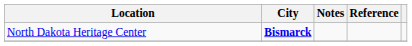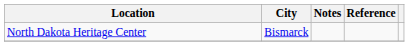 <table class="wikitable">
 <tr>
 <th Width="350">Location</th>
 <th>City</th>
 <th>Notes</th>
 <th>Reference</th>
 <th></th>
 </tr>
 <tr>
 <td><a href='#'>North Dakota Heritage Center</a></td>
-<td><strong><a href='#'>Bismarck</a></strong></td>
+<td><a href='#'>Bismarck</a></td>
 <td></td>
 <td></td>
 <td></td>
 </tr>
 <tr>
 </tr>
 </table>
